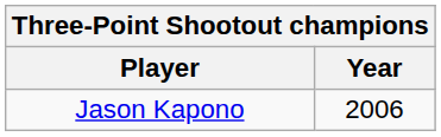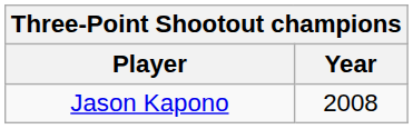 <table class="wikitable" style="text-align:center">
 <tr>
 <th colspan="2">Three-Point Shootout champions</th>
 </tr>
 <tr>
 <th>Player</th>
 <th>Year</th>
 </tr>
 <tr>
 <td><a href='#'>Jason Kapono</a></td>
-<td>2006</td>
+<td>2008</td>
 </tr>
 </table>
